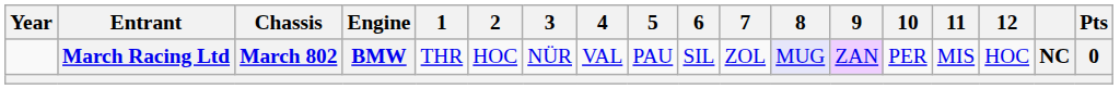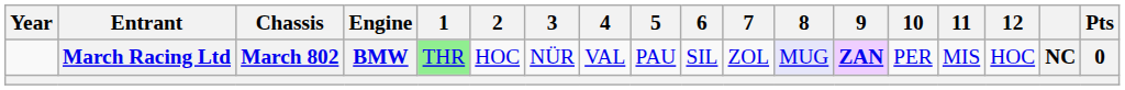 <table class="wikitable" style="text-align:center; font-size:85%">
 <tr>
 <th>Year</th>
 <th>Entrant</th>
 <th>Chassis</th>
 <th>Engine</th>
 <th>1</th>
 <th>2</th>
 <th>3</th>
 <th>4</th>
 <th>5</th>
 <th>6</th>
 <th>7</th>
 <th>8</th>
 <th>9</th>
 <th>10</th>
 <th>11</th>
 <th>12</th>
 <th></th>
 <th>Pts</th>
 </tr>
 <tr>
 <td></td>
 <th nowrap><a href='#'>March Racing Ltd</a></th>
 <th nowrap><a href='#'>March 802</a></th>
 <th nowrap><a href='#'>BMW</a></th>
-<td><a href='#'>THR</a></td>
+<td style="background: lightgreen;"><a href='#'>THR</a></td>
 <td><a href='#'>HOC</a></td>
 <td><a href='#'>NÜR</a></td>
 <td><a href='#'>VAL</a></td>
 <td><a href='#'>PAU</a></td>
 <td><a href='#'>SIL</a></td>
 <td><a href='#'>ZOL</a></td>
 <td style="background: lavender;"><a href='#'>MUG</a></td>
-<td style="background:#EFCFFF;"><a href='#'>ZAN</a><br></td>
+<td style="background:#EFCFFF;"><strong><a href='#'>ZAN</a><br></strong></td>
 <td><a href='#'>PER</a></td>
 <td><a href='#'>MIS</a></td>
 <td><a href='#'>HOC</a></td>
 <th>NC</th>
 <th>0</th>
 </tr>
 <tr>
 <th colspan="18"></th>
 </tr>
 </table>
